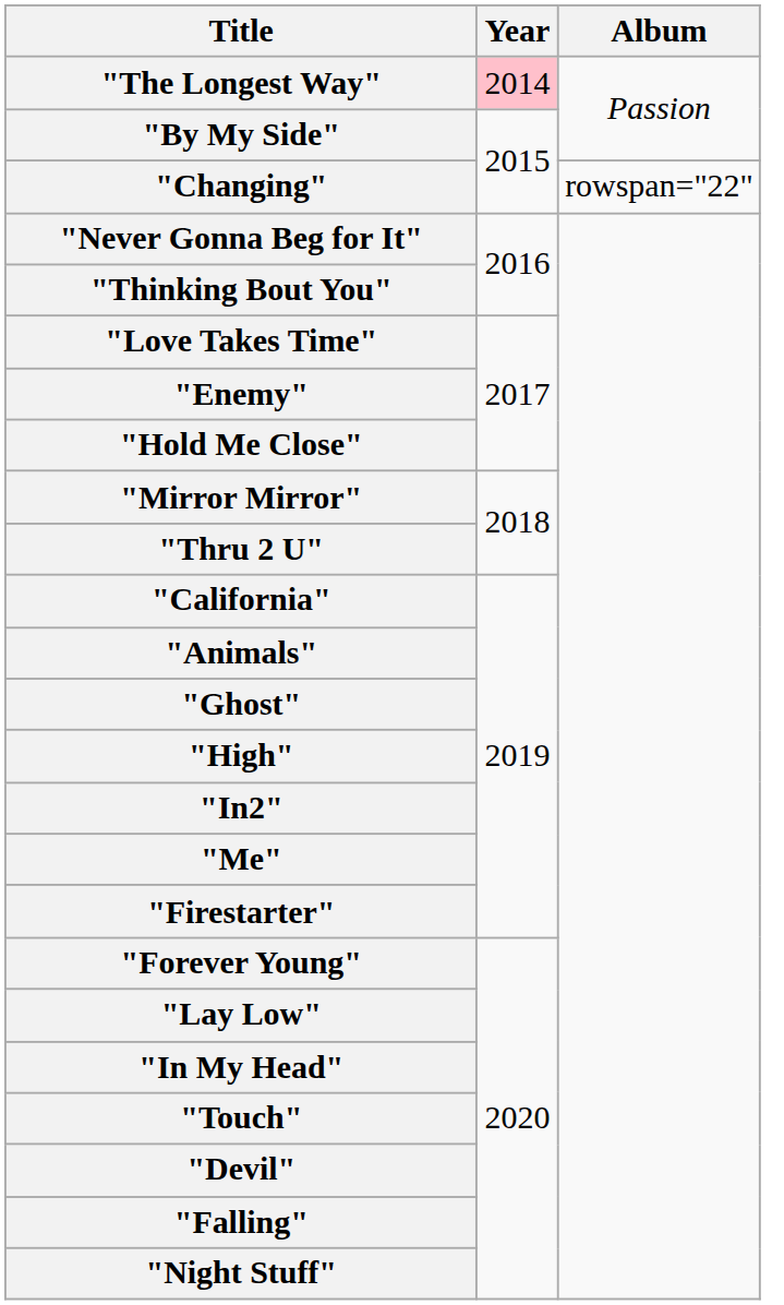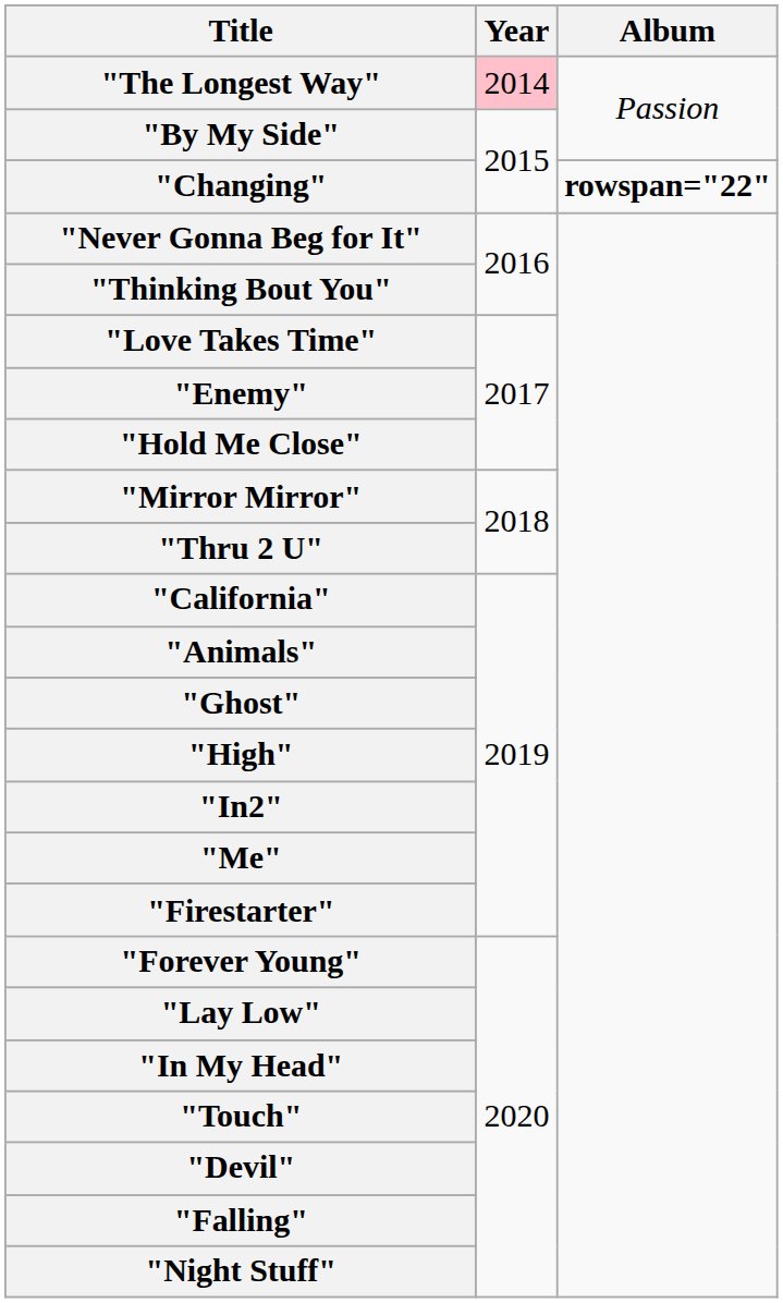 <table class="wikitable plainrowheaders" style="text-align:center;">
 <tr>
 <th scope="col" style="width:14em;">Title</th>
 <th scope="col">Year</th>
 <th scope="col">Album</th>
 </tr>
 <tr>
 <th scope="row">"The Longest Way"</th>
 <td style="background: pink;">2014</td>
 <td rowspan="2"><em>Passion</em></td>
 </tr>
 <tr>
 <th scope="row">"By My Side"</th>
 <td rowspan="2">2015</td>
 </tr>
 <tr>
 <th scope="row">"Changing"</th>
-<td>rowspan="22" </td>
+<td><strong>rowspan="22" </strong></td>
 </tr>
 <tr>
 <th scope="row">"Never Gonna Beg for It"</th>
 <td rowspan="2">2016</td>
 </tr>
 <tr>
 <th scope="row">"Thinking Bout You"</th>
 </tr>
 <tr>
 <th scope="row">"Love Takes Time"</th>
 <td rowspan="3">2017</td>
 </tr>
 <tr>
 <th scope="row">"Enemy"</th>
 </tr>
 <tr>
 <th scope="row">"Hold Me Close"</th>
 </tr>
 <tr>
 <th scope="row">"Mirror Mirror"</th>
 <td rowspan="2">2018</td>
 </tr>
 <tr>
 <th scope="row">"Thru 2 U" </th>
 </tr>
 <tr>
 <th scope="row">"California"</th>
 <td rowspan="7">2019</td>
 </tr>
 <tr>
 <th scope="row">"Animals"</th>
 </tr>
 <tr>
 <th scope="row">"Ghost"</th>
 </tr>
 <tr>
 <th scope="row">"High"</th>
 </tr>
 <tr>
 <th scope="row">"In2" </th>
 </tr>
 <tr>
 <th scope="row">"Me"</th>
 </tr>
 <tr>
 <th scope="row">"Firestarter" </th>
 </tr>
 <tr>
 <th scope="row">"Forever Young"</th>
 <td rowspan="7">2020</td>
 </tr>
 <tr>
 <th scope="row">"Lay Low"</th>
 </tr>
 <tr>
 <th scope="row">"In My Head" </th>
 </tr>
 <tr>
 <th scope="row">"Touch" </th>
 </tr>
 <tr>
 <th scope="row">"Devil"</th>
 </tr>
 <tr>
 <th scope="row">"Falling"</th>
 </tr>
 <tr>
 <th scope="row">"Night Stuff"</th>
 </tr>
 </table>
